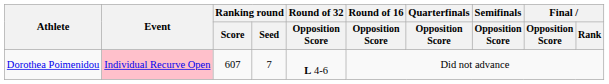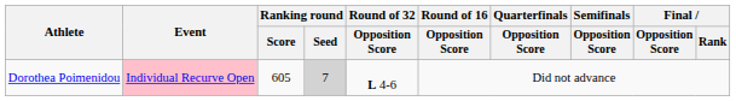 <table class="wikitable" style="font-size:90%">
 <tr>
 <th rowspan="2">Athlete</th>
 <th rowspan="2">Event</th>
 <th colspan="2">Ranking round</th>
 <th>Round of 32</th>
 <th>Round of 16</th>
 <th>Quarterfinals</th>
 <th>Semifinals</th>
 <th colspan="2">Final / </th>
 </tr>
 <tr style="font-size:95%">
 <th>Score</th>
 <th>Seed</th>
 <th>Opposition<br>Score</th>
 <th>Opposition<br>Score</th>
 <th>Opposition<br>Score</th>
 <th>Opposition<br>Score</th>
 <th>Opposition<br>Score</th>
 <th>Rank</th>
 </tr>
 <tr align=center>
 <td align=left><a href='#'>Dorothea Poimenidou</a></td>
 <td align=left style="background: pink;"><a href='#'> Individual Recurve Open</a></td>
-<td>607</td>
-<td>7</td>
+<td>605</td>
+<td style="background: lightgrey;">7</td>
 <td><br><strong>L</strong> 4-6</td>
 <td colspan=5>Did not advance</td>
 </tr>
 </table>
